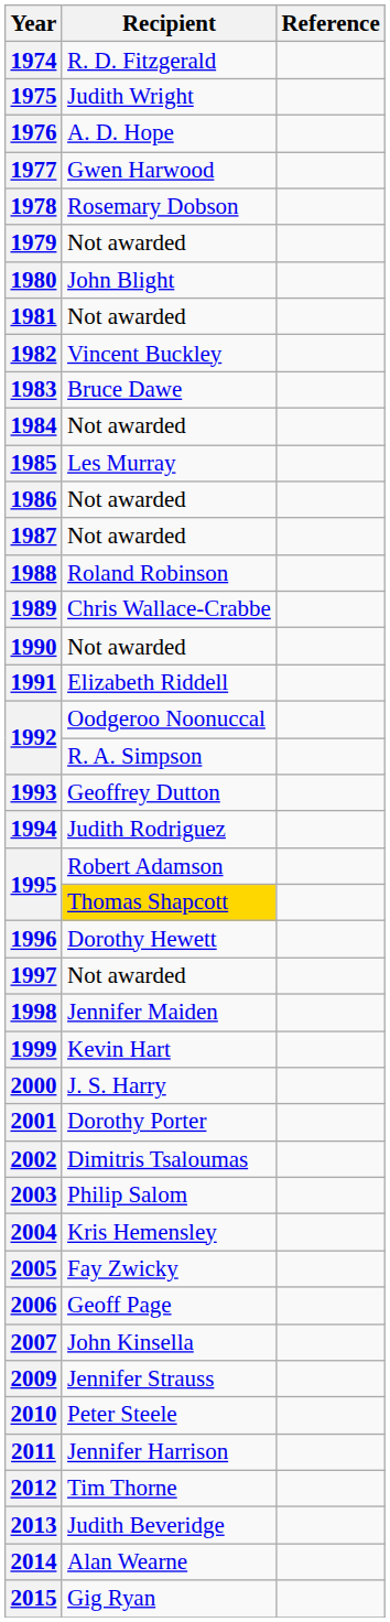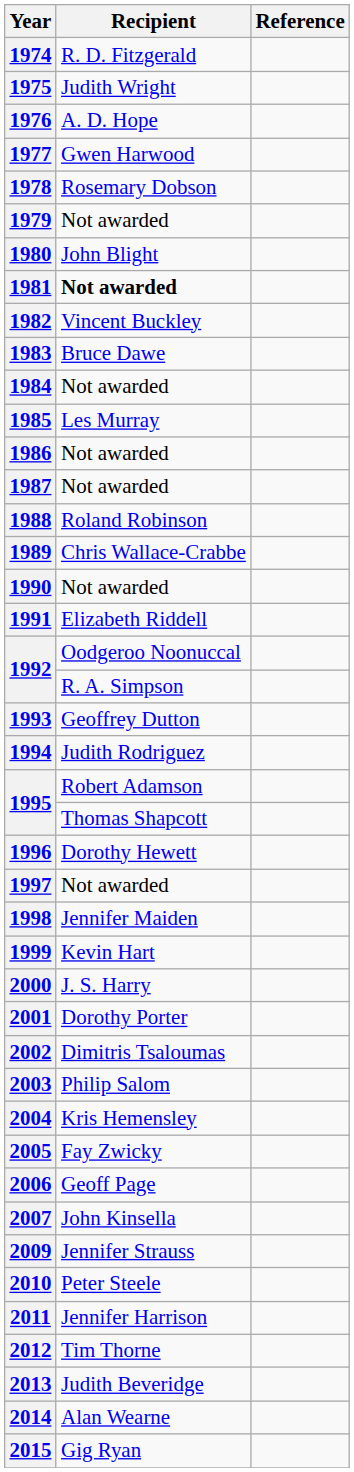 <table class="wikitable">
 <tr>
 <th>Year</th>
 <th>Recipient</th>
 <th>Reference</th>
 </tr>
 <tr>
 <th><a href='#'>1974</a></th>
 <td><a href='#'>R. D. Fitzgerald</a></td>
 <td></td>
 </tr>
 <tr>
 <th><a href='#'>1975</a></th>
 <td><a href='#'>Judith Wright</a></td>
 <td></td>
 </tr>
 <tr>
 <th><a href='#'>1976</a></th>
 <td><a href='#'>A. D. Hope</a></td>
 <td></td>
 </tr>
 <tr>
 <th><a href='#'>1977</a></th>
 <td><a href='#'>Gwen Harwood</a></td>
 <td></td>
 </tr>
 <tr>
 <th><a href='#'>1978</a></th>
 <td><a href='#'>Rosemary Dobson</a></td>
 <td></td>
 </tr>
 <tr>
 <th><a href='#'>1979</a></th>
 <td>Not awarded</td>
 <td></td>
 </tr>
 <tr>
 <th><a href='#'>1980</a></th>
 <td><a href='#'>John Blight</a></td>
 <td></td>
 </tr>
 <tr>
 <th><a href='#'>1981</a></th>
-<td>Not awarded</td>
+<td><strong>Not awarded</strong></td>
 <td></td>
 </tr>
 <tr>
 <th><a href='#'>1982</a></th>
 <td><a href='#'>Vincent Buckley</a></td>
 <td></td>
 </tr>
 <tr>
 <th><a href='#'>1983</a></th>
 <td><a href='#'>Bruce Dawe</a></td>
 <td></td>
 </tr>
 <tr>
 <th><a href='#'>1984</a></th>
 <td>Not awarded</td>
 <td></td>
 </tr>
 <tr>
 <th><a href='#'>1985</a></th>
 <td><a href='#'>Les Murray</a></td>
 <td></td>
 </tr>
 <tr>
 <th><a href='#'>1986</a></th>
 <td>Not awarded</td>
 <td></td>
 </tr>
 <tr>
 <th><a href='#'>1987</a></th>
 <td>Not awarded</td>
 <td></td>
 </tr>
 <tr>
 <th><a href='#'>1988</a></th>
 <td><a href='#'>Roland Robinson</a></td>
 <td></td>
 </tr>
 <tr>
 <th><a href='#'>1989</a></th>
 <td><a href='#'>Chris Wallace-Crabbe</a></td>
 <td></td>
 </tr>
 <tr>
 <th><a href='#'>1990</a></th>
 <td>Not awarded</td>
 <td></td>
 </tr>
 <tr>
 <th><a href='#'>1991</a></th>
 <td><a href='#'>Elizabeth Riddell</a></td>
 <td></td>
 </tr>
 <tr>
 <th rowspan="2"><a href='#'>1992</a></th>
 <td><a href='#'>Oodgeroo Noonuccal</a></td>
 <td></td>
 </tr>
 <tr>
 <td><a href='#'>R. A. Simpson</a></td>
 <td></td>
 </tr>
 <tr>
 <th><a href='#'>1993</a></th>
 <td><a href='#'>Geoffrey Dutton</a></td>
 <td></td>
 </tr>
 <tr>
 <th><a href='#'>1994</a></th>
 <td><a href='#'>Judith Rodriguez</a></td>
 <td></td>
 </tr>
 <tr>
 <th rowspan="2"><a href='#'>1995</a></th>
 <td><a href='#'>Robert Adamson</a></td>
 <td></td>
 </tr>
 <tr>
-<td style="background: gold;"><a href='#'>Thomas Shapcott</a></td>
+<td><a href='#'>Thomas Shapcott</a></td>
 <td></td>
 </tr>
 <tr>
 <th><a href='#'>1996</a></th>
 <td><a href='#'>Dorothy Hewett</a></td>
 <td></td>
 </tr>
 <tr>
 <th><a href='#'>1997</a></th>
 <td>Not awarded</td>
 <td></td>
 </tr>
 <tr>
 <th><a href='#'>1998</a></th>
 <td><a href='#'>Jennifer Maiden</a></td>
 <td></td>
 </tr>
 <tr>
 <th><a href='#'>1999</a></th>
 <td><a href='#'>Kevin Hart</a></td>
 <td></td>
 </tr>
 <tr>
 <th><a href='#'>2000</a></th>
 <td><a href='#'>J. S. Harry</a></td>
 <td></td>
 </tr>
 <tr>
 <th><a href='#'>2001</a></th>
 <td><a href='#'>Dorothy Porter</a></td>
 <td></td>
 </tr>
 <tr>
 <th><a href='#'>2002</a></th>
 <td><a href='#'>Dimitris Tsaloumas</a></td>
 <td></td>
 </tr>
 <tr>
 <th><a href='#'>2003</a></th>
 <td><a href='#'>Philip Salom</a></td>
 <td></td>
 </tr>
 <tr>
 <th><a href='#'>2004</a></th>
 <td><a href='#'>Kris Hemensley</a></td>
 <td></td>
 </tr>
 <tr>
 <th><a href='#'>2005</a></th>
 <td><a href='#'>Fay Zwicky</a></td>
 <td></td>
 </tr>
 <tr>
 <th><a href='#'>2006</a></th>
 <td><a href='#'>Geoff Page</a></td>
 <td></td>
 </tr>
 <tr>
 <th><a href='#'>2007</a></th>
 <td><a href='#'>John Kinsella</a></td>
 <td></td>
 </tr>
 <tr>
 <th><a href='#'>2009</a></th>
 <td><a href='#'>Jennifer Strauss</a></td>
 <td></td>
 </tr>
 <tr>
 <th><a href='#'>2010</a></th>
 <td><a href='#'>Peter Steele</a></td>
 <td></td>
 </tr>
 <tr>
 <th><a href='#'>2011</a></th>
 <td><a href='#'>Jennifer Harrison</a></td>
 <td></td>
 </tr>
 <tr>
 <th><a href='#'>2012</a></th>
 <td><a href='#'>Tim Thorne</a></td>
 <td></td>
 </tr>
 <tr>
 <th><a href='#'>2013</a></th>
 <td><a href='#'>Judith Beveridge</a></td>
 <td></td>
 </tr>
 <tr>
 <th><a href='#'>2014</a></th>
 <td><a href='#'>Alan Wearne</a></td>
 <td></td>
 </tr>
 <tr>
 <th><a href='#'>2015</a></th>
 <td><a href='#'>Gig Ryan</a></td>
 <td></td>
 </tr>
 </table>
